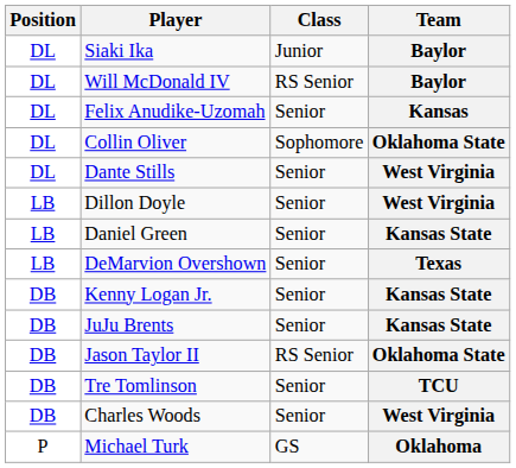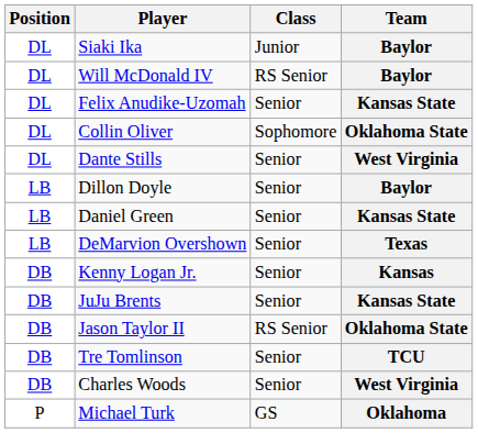 <table class="wikitable sortable" border="1">
 <tr>
 <th>Position</th>
 <th>Player</th>
 <th>Class</th>
 <th>Team</th>
 </tr>
 <tr>
 <td style="text-align:center; background:white"><a href='#'>DL</a></td>
 <td><a href='#'>Siaki Ika</a></td>
 <td>Junior</td>
 <th>Baylor</th>
 </tr>
 <tr>
 <td style="text-align:center; background:white"><a href='#'>DL</a></td>
 <td><a href='#'>Will McDonald IV</a></td>
 <td>RS Senior</td>
 <th>Baylor</th>
 </tr>
 <tr>
 <td style="text-align:center; background:white"><a href='#'>DL</a></td>
 <td><a href='#'>Felix Anudike-Uzomah</a></td>
 <td>Senior</td>
-<th style=>Kansas</th>
+<th>Kansas State</th>
 </tr>
 <tr>
 <td style="text-align:center; background:white"><a href='#'>DL</a></td>
 <td><a href='#'>Collin Oliver</a></td>
 <td>Sophomore</td>
 <th>Oklahoma State</th>
 </tr>
 <tr>
 <td style="text-align:center; background:white"><a href='#'>DL</a></td>
 <td><a href='#'>Dante Stills</a></td>
 <td>Senior</td>
 <th style=>West Virginia</th>
 </tr>
 <tr>
 <td style="text-align:center; background:white"><a href='#'>LB</a></td>
 <td>Dillon Doyle</td>
 <td>Senior</td>
-<th style=>West Virginia</th>
+<th>Baylor</th>
 </tr>
 <tr>
 <td style="text-align:center; background:white"><a href='#'>LB</a></td>
 <td>Daniel Green</td>
 <td>Senior</td>
 <th>Kansas State</th>
 </tr>
 <tr>
 <td style="text-align:center; background:white"><a href='#'>LB</a></td>
 <td><a href='#'>DeMarvion Overshown</a></td>
 <td>Senior</td>
 <th style=>Texas</th>
 </tr>
 <tr>
 <td style="text-align:center; background:white"><a href='#'>DB</a></td>
 <td><a href='#'>Kenny Logan Jr.</a></td>
 <td>Senior</td>
-<th>Kansas State</th>
+<th style=>Kansas</th>
 </tr>
 <tr>
 <td style="text-align:center; background:white"><a href='#'>DB</a></td>
 <td><a href='#'>JuJu Brents</a></td>
 <td>Senior</td>
 <th>Kansas State</th>
 </tr>
 <tr>
 <td style="text-align:center; background:white"><a href='#'>DB</a></td>
 <td><a href='#'>Jason Taylor II</a></td>
 <td>RS Senior</td>
 <th>Oklahoma State</th>
 </tr>
 <tr>
 <td style="text-align:center; background:white"><a href='#'>DB</a></td>
 <td><a href='#'>Tre Tomlinson</a></td>
 <td>Senior</td>
 <th style=>TCU</th>
 </tr>
 <tr>
 <td style="text-align:center; background:white"><a href='#'>DB</a></td>
 <td>Charles Woods</td>
 <td>Senior</td>
 <th style=>West Virginia</th>
 </tr>
 <tr>
 <td style="text-align:center; background:white">P</td>
 <td><a href='#'>Michael Turk</a></td>
 <td>GS</td>
 <th style=>Oklahoma</th>
 </tr>
 </table>
